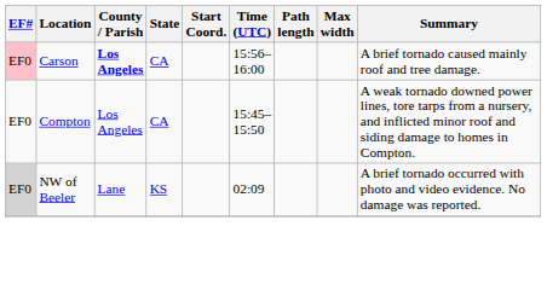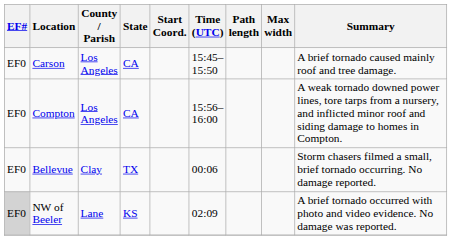 <table class="wikitable sortable" style="width:100%;">
 <tr>
 <th scope="col"  style="width:3%; text-align:center;"><a href='#'>EF#</a></th>
 <th scope="col"  style="width:7%; text-align:center;" class="unsortable">Location</th>
 <th scope="col"  style="width:6%; text-align:center;" class="unsortable">County / Parish</th>
 <th scope="col"  style="width:5%; text-align:center;">State</th>
 <th scope="col"  style="width:6%; text-align:center;">Start Coord.</th>
 <th scope="col"  style="width:6%; text-align:center;">Time (<a href='#'>UTC</a>)</th>
 <th scope="col"  style="width:6%; text-align:center;">Path length</th>
 <th scope="col"  style="width:6%; text-align:center;">Max width</th>
 <th scope="col" class="unsortable" style="width:48%; text-align:center;">Summary</th>
 </tr>
 <tr>
-<td style="background: pink;">EF0</td>
+<td>EF0</td>
 <td><a href='#'>Carson</a></td>
-<td><strong><a href='#'>Los Angeles</a></strong></td>
+<td><a href='#'>Los Angeles</a></td>
 <td><a href='#'>CA</a></td>
 <td></td>
-<td>15:56–16:00</td>
+<td>15:45–15:50</td>
 <td></td>
 <td></td>
 <td>A brief tornado caused mainly roof and tree damage.</td>
 </tr>
 <tr>
 <td>EF0</td>
 <td><a href='#'>Compton</a></td>
 <td><a href='#'>Los Angeles</a></td>
 <td><a href='#'>CA</a></td>
 <td></td>
-<td>15:45–15:50</td>
+<td>15:56–16:00</td>
 <td></td>
 <td></td>
 <td>A weak tornado downed power lines, tore tarps from a nursery, and inflicted minor roof and siding damage to homes in Compton.</td>
+</tr>
+<tr>
+<td>EF0</td>
+<td><a href='#'>Bellevue</a></td>
+<td><a href='#'>Clay</a></td>
+<td><a href='#'>TX</a></td>
+<td></td>
+<td>00:06</td>
+<td></td>
+<td></td>
+<td>Storm chasers filmed a small, brief tornado occurring. No damage reported.</td>
 </tr>
 <tr>
 <td style="background: lightgrey;">EF0</td>
 <td>NW of <a href='#'>Beeler</a></td>
 <td><a href='#'>Lane</a></td>
 <td><a href='#'>KS</a></td>
 <td></td>
 <td>02:09</td>
 <td></td>
 <td></td>
 <td>A brief tornado occurred with photo and video evidence. No damage was reported.</td>
 </tr>
 <tr>
 </tr>
 </table>
